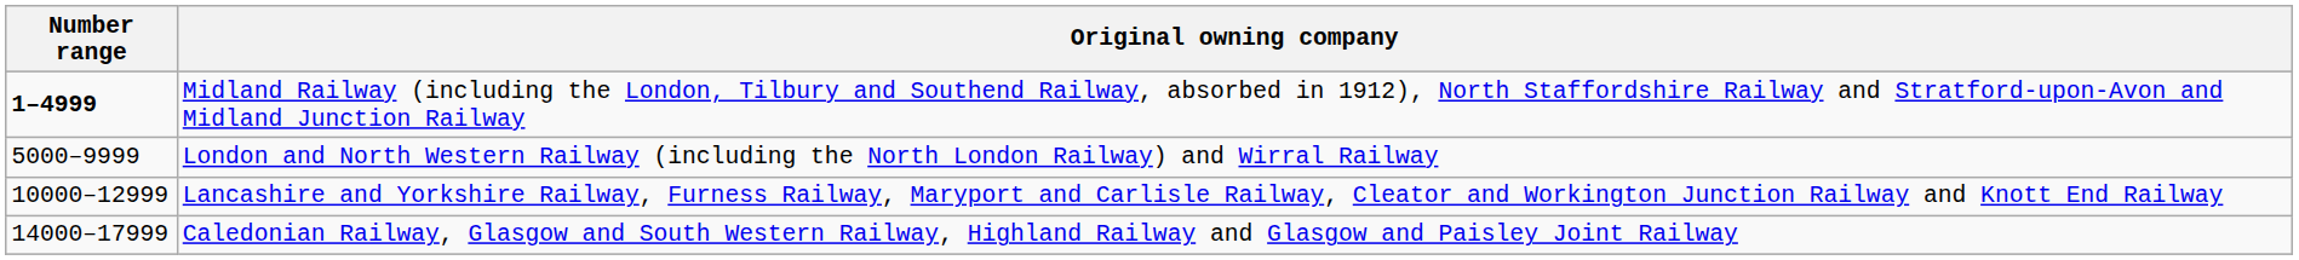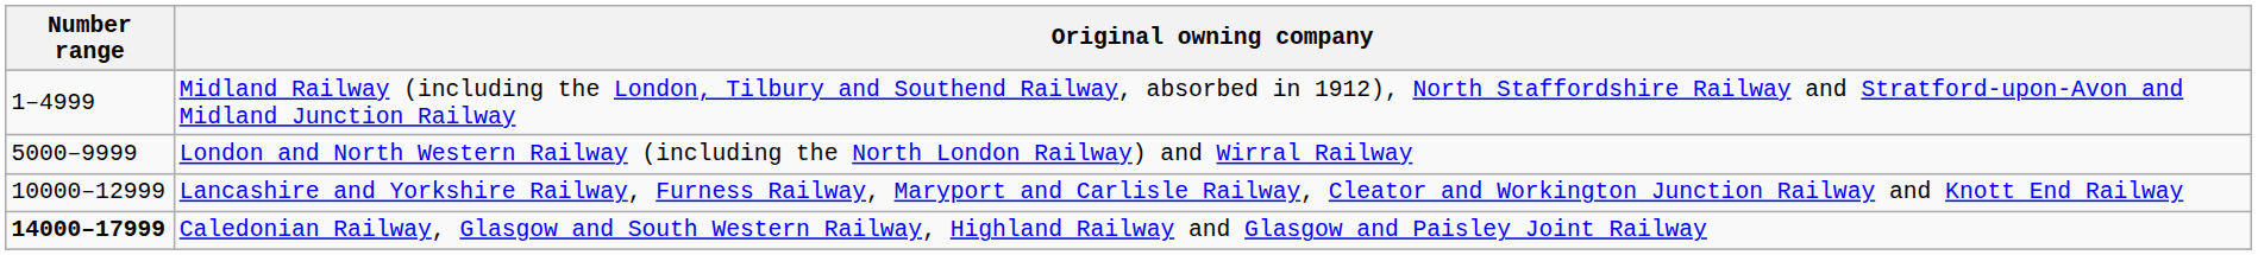 <table class="wikitable">
 <tr>
 <th>Number range</th>
 <th>Original owning company</th>
 </tr>
 <tr>
-<td><strong>1–4999</strong></td>
+<td>1–4999</td>
 <td><a href='#'>Midland Railway</a> (including the <a href='#'>London, Tilbury and Southend Railway</a>, absorbed in 1912), <a href='#'>North Staffordshire Railway</a> and <a href='#'>Stratford-upon-Avon and Midland Junction Railway</a></td>
 </tr>
 <tr>
 <td>5000–9999</td>
 <td><a href='#'>London and North Western Railway</a> (including the <a href='#'>North London Railway</a>) and <a href='#'>Wirral Railway</a></td>
 </tr>
 <tr>
 <td>10000–12999</td>
 <td><a href='#'>Lancashire and Yorkshire Railway</a>, <a href='#'>Furness Railway</a>, <a href='#'>Maryport and Carlisle Railway</a>, <a href='#'>Cleator and Workington Junction Railway</a> and <a href='#'>Knott End Railway</a></td>
 </tr>
 <tr>
-<td>14000–17999</td>
+<td><strong>14000–17999</strong></td>
 <td><a href='#'>Caledonian Railway</a>, <a href='#'>Glasgow and South Western Railway</a>, <a href='#'>Highland Railway</a> and <a href='#'>Glasgow and Paisley Joint Railway</a></td>
 </tr>
 </table>
